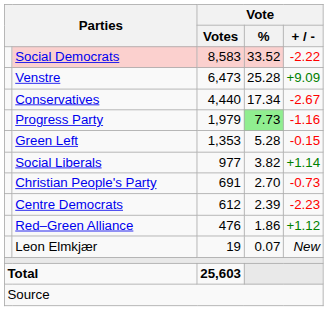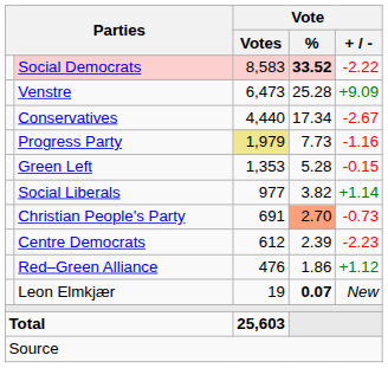 <table class="wikitable" style="text-align:right;">
 <tr>
 <th style="text-align:centre;" rowspan="2" colspan="2" width="225">Parties</th>
 <th colspan="3">Vote</th>
 </tr>
 <tr>
 <th width="15">Votes</th>
 <th width="15">%</th>
 <th width="15">+ / -</th>
 </tr>
 <tr>
 <td width="2" style="color:inherit;background:"></td>
 <td bgcolor=#fbd0ce  align="left"><a href='#'>Social Democrats</a></td>
 <td bgcolor=#fbd0ce>8,583</td>
-<td bgcolor=#fbd0ce>33.52</td>
+<td bgcolor=#fbd0ce><strong>33.52</strong></td>
 <td style=color:red;>-2.22</td>
 </tr>
 <tr>
 <td width="2" style="color:inherit;background:"></td>
 <td align="left"><a href='#'>Venstre</a></td>
 <td>6,473</td>
 <td>25.28</td>
 <td style=color:green;>+9.09</td>
 </tr>
 <tr>
 <td width="2" style="color:inherit;background:"></td>
 <td align="left"><a href='#'>Conservatives</a></td>
 <td>4,440</td>
 <td>17.34</td>
 <td style=color:red;>-2.67</td>
 </tr>
 <tr>
 <td width="2" style="color:inherit;background:"></td>
 <td align="left"><a href='#'>Progress Party</a></td>
-<td>1,979</td>
-<td style="background: lightgreen;">7.73</td>
+<td style="background: khaki;">1,979</td>
+<td>7.73</td>
 <td style=color:red;>-1.16</td>
 </tr>
 <tr>
 <td width="2" style="color:inherit;background:"></td>
 <td align="left"><a href='#'>Green Left</a></td>
 <td>1,353</td>
 <td>5.28</td>
 <td style=color:red;>-0.15</td>
 </tr>
 <tr>
 <td width="2" style="color:inherit;background:"></td>
 <td align="left"><a href='#'>Social Liberals</a></td>
 <td>977</td>
 <td>3.82</td>
 <td style=color:green;>+1.14</td>
 </tr>
 <tr>
 <td width="2" style="color:inherit;background:"></td>
 <td align="left"><a href='#'>Christian People's Party</a></td>
 <td>691</td>
-<td>2.70</td>
+<td style="background: lightsalmon;">2.70</td>
 <td style=color:red;>-0.73</td>
 </tr>
 <tr>
 <td width="2" style="color:inherit;background:"></td>
 <td align="left"><a href='#'>Centre Democrats</a></td>
 <td>612</td>
 <td>2.39</td>
 <td style=color:red;>-2.23</td>
 </tr>
 <tr>
 <td width="2" style="color:inherit;background:"></td>
 <td align="left"><a href='#'>Red–Green Alliance</a></td>
 <td>476</td>
 <td>1.86</td>
 <td style=color:green;>+1.12</td>
 </tr>
 <tr>
 <td width="2" style="color:inherit;background:"></td>
 <td align="left">Leon Elmkjær</td>
 <td>19</td>
-<td>0.07</td>
+<td><strong>0.07</strong></td>
 <td><em>New</em></td>
 </tr>
 <tr>
 <td colspan="7" bgcolor="#E9E9E9"></td>
 </tr>
 <tr>
 <td align="left" colspan="2"><strong>Total</strong></td>
 <td><strong>25,603</strong></td>
 <td bgcolor="#E9E9E9" colspan="2"></td>
 </tr>
 <tr>
 <td align="left" colspan="6">Source</td>
 </tr>
 </table>
